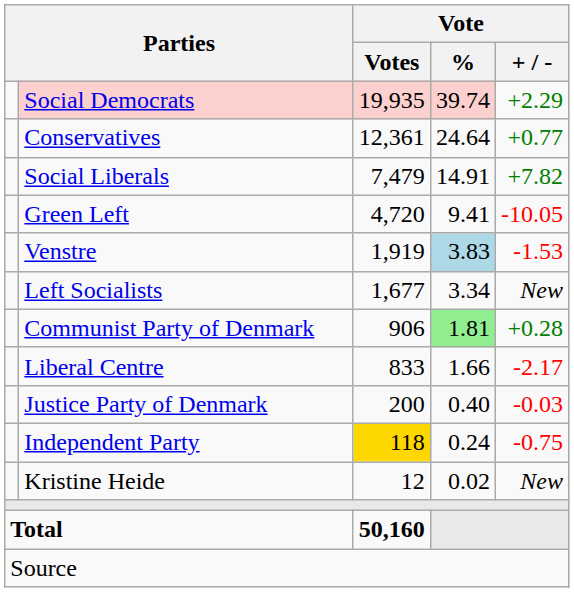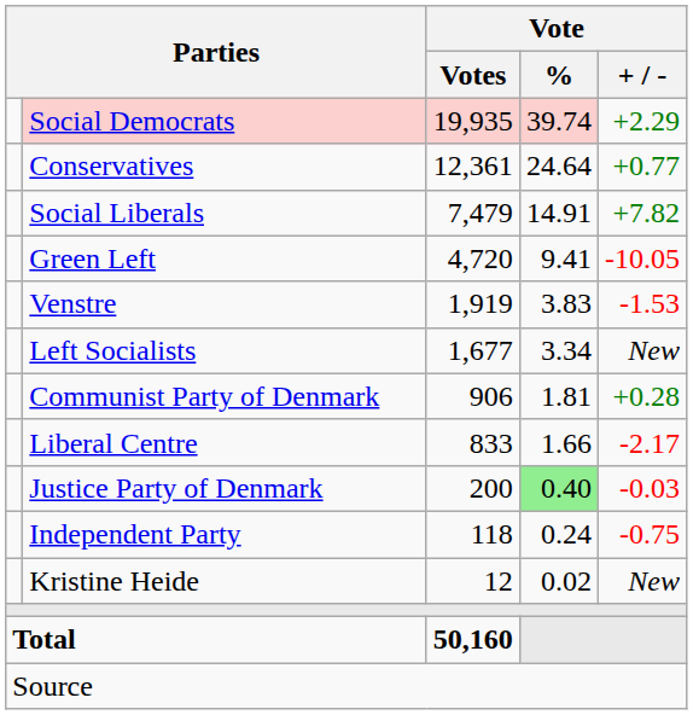 <table class="wikitable" style="text-align:right;">
 <tr>
 <th style="text-align:centre;" rowspan="2" colspan="2" width="225">Parties</th>
 <th colspan="3">Vote</th>
 </tr>
 <tr>
 <th width="15">Votes</th>
 <th width="15">%</th>
 <th width="15">+ / -</th>
 </tr>
 <tr>
 <td width="2" style="color:inherit;background:"></td>
 <td bgcolor=#fbd0ce  align="left"><a href='#'>Social Democrats</a></td>
 <td bgcolor=#fbd0ce>19,935</td>
 <td bgcolor=#fbd0ce>39.74</td>
 <td style=color:green;>+2.29</td>
 </tr>
 <tr>
 <td width="2" style="color:inherit;background:"></td>
 <td align="left"><a href='#'>Conservatives</a></td>
 <td>12,361</td>
 <td>24.64</td>
 <td style=color:green;>+0.77</td>
 </tr>
 <tr>
 <td width="2" style="color:inherit;background:"></td>
 <td align="left"><a href='#'>Social Liberals</a></td>
 <td>7,479</td>
 <td>14.91</td>
 <td style=color:green;>+7.82</td>
 </tr>
 <tr>
 <td width="2" style="color:inherit;background:"></td>
 <td align="left"><a href='#'>Green Left</a></td>
 <td>4,720</td>
 <td>9.41</td>
 <td style=color:red;>-10.05</td>
 </tr>
 <tr>
 <td width="2" style="color:inherit;background:"></td>
 <td align="left"><a href='#'>Venstre</a></td>
 <td>1,919</td>
-<td style="background: lightblue;">3.83</td>
+<td>3.83</td>
 <td style=color:red;>-1.53</td>
 </tr>
 <tr>
 <td width="2" style="color:inherit;background:"></td>
 <td align="left"><a href='#'>Left Socialists</a></td>
 <td>1,677</td>
 <td>3.34</td>
 <td><em>New</em></td>
 </tr>
 <tr>
 <td width="2" style="color:inherit;background:"></td>
 <td align="left"><a href='#'>Communist Party of Denmark</a></td>
 <td>906</td>
-<td style="background: lightgreen;">1.81</td>
+<td>1.81</td>
 <td style=color:green;>+0.28</td>
 </tr>
 <tr>
 <td width="2" style="color:inherit;background:"></td>
 <td align="left"><a href='#'>Liberal Centre</a></td>
 <td>833</td>
 <td>1.66</td>
 <td style=color:red;>-2.17</td>
 </tr>
 <tr>
 <td width="2" style="color:inherit;background:"></td>
 <td align="left"><a href='#'>Justice Party of Denmark</a></td>
 <td>200</td>
-<td>0.40</td>
+<td style="background: lightgreen;">0.40</td>
 <td style=color:red;>-0.03</td>
 </tr>
 <tr>
 <td width="2" style="color:inherit;background:"></td>
 <td align="left"><a href='#'>Independent Party</a></td>
-<td style="background: gold;">118</td>
+<td>118</td>
 <td>0.24</td>
 <td style=color:red;>-0.75</td>
 </tr>
 <tr>
 <td width="2" style="color:inherit;background:"></td>
 <td align="left">Kristine Heide</td>
 <td>12</td>
 <td>0.02</td>
 <td><em>New</em></td>
 </tr>
 <tr>
 <td colspan="7" bgcolor="#E9E9E9"></td>
 </tr>
 <tr>
 <td align="left" colspan="2"><strong>Total</strong></td>
 <td><strong>50,160</strong></td>
 <td bgcolor="#E9E9E9" colspan="2"></td>
 </tr>
 <tr>
 <td align="left" colspan="6">Source</td>
 </tr>
 </table>
